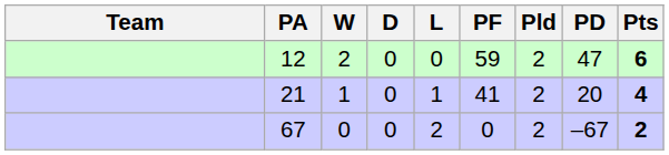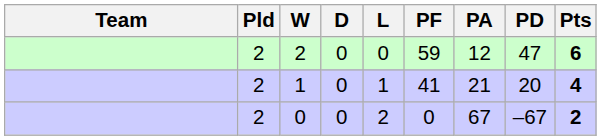 <table class="wikitable" style="text-align:center;">
 <tr>
 <th width=175>Team</th>
-<th width=32 abbr="Points against">PA</th>
+<th width=25 abbr="Played">Pld</th>
 <th width=25 abbr="Won">W</th>
 <th width=25 abbr="Drawn">D</th>
 <th width=25 abbr="Lost">L</th>
 <th width=32 abbr="Points for">PF</th>
-<th width=25 abbr="Played">Pld</th>
+<th width=32 abbr="Points against">PA</th>
 <th width=32 abbr="Points difference">PD</th>
 <th width=25 abbr="Points">Pts</th>
 </tr>
 <tr bgcolor=ccffcc>
 <td align=left></td>
-<td>12</td>
+<td>2</td>
 <td>2</td>
 <td>0</td>
 <td>0</td>
 <td>59</td>
-<td>2</td>
+<td>12</td>
 <td>47</td>
 <td><strong>6</strong></td>
 </tr>
 <tr bgcolor=ccccff>
 <td align=left></td>
-<td>21</td>
+<td>2</td>
 <td>1</td>
 <td>0</td>
 <td>1</td>
 <td>41</td>
-<td>2</td>
+<td>21</td>
 <td>20</td>
 <td><strong>4</strong></td>
 </tr>
 <tr bgcolor=ccccff>
 <td align=left></td>
-<td>67</td>
+<td>2</td>
 <td>0</td>
 <td>0</td>
 <td>2</td>
 <td>0</td>
-<td>2</td>
+<td>67</td>
 <td>–67</td>
 <td><strong>2</strong></td>
 </tr>
 </table>
